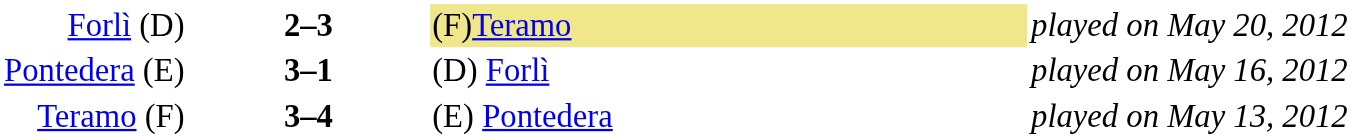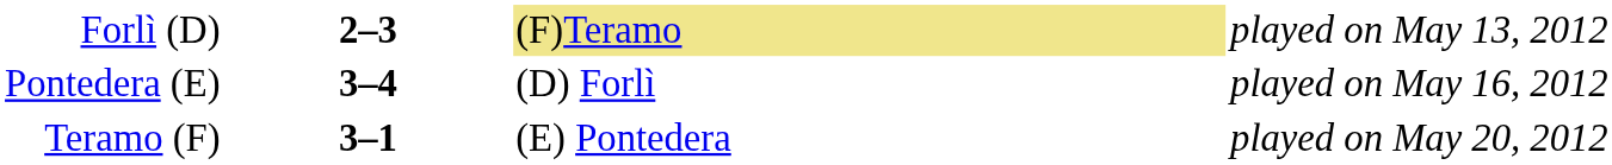 <table width="100%" cellspacing="1">
 <tr>
 <th width="30%"></th>
 <th width="12%"></th>
 <th width="30%"></th>
 <th width="30%'"></th>
 <th></th>
 </tr>
 <tr style="font-size:90%;">
 <td align="right"><a href='#'>Forlì</a> (D)</td>
 <td align="center"><strong>2–3</strong></td>
 <td align="left" style="background: khaki;">(F)<a href='#'>Teramo</a></td>
-<td align="left"><em>played on May 20, 2012</em></td>
+<td align="left"><em>played on May 13, 2012</em></td>
 </tr>
 <tr style="font-size:90%;">
 <td align="right"><a href='#'>Pontedera</a> (E)</td>
-<td align="center"><strong>3–1</strong></td>
+<td align="center"><strong>3–4</strong></td>
 <td align="left">(D) <a href='#'>Forlì</a></td>
 <td align="left"><em>played on May 16, 2012</em></td>
 </tr>
 <tr style="font-size:90%;">
 <td align="right"><a href='#'>Teramo</a> (F)</td>
-<td align="center"><strong>3–4</strong></td>
+<td align="center"><strong>3–1</strong></td>
 <td align="left">(E) <a href='#'>Pontedera</a></td>
-<td align="left"><em>played on May 13, 2012</em></td>
+<td align="left"><em>played on May 20, 2012</em></td>
 </tr>
 </table>
